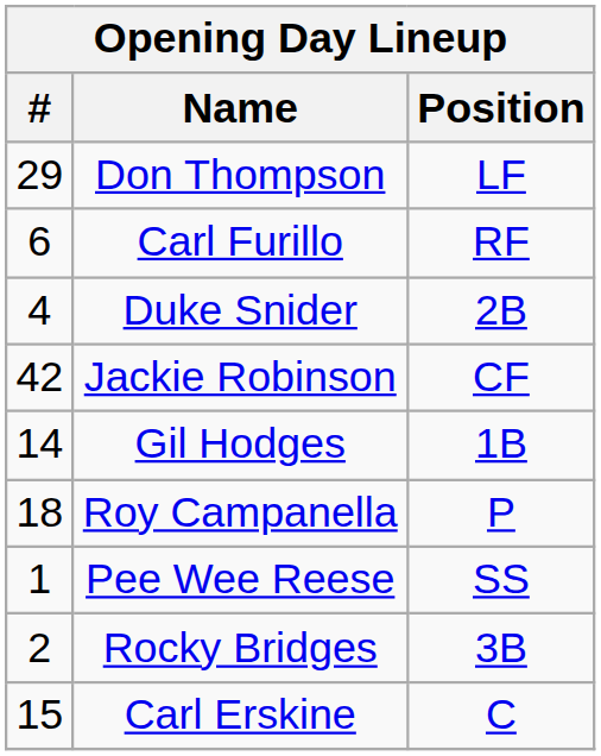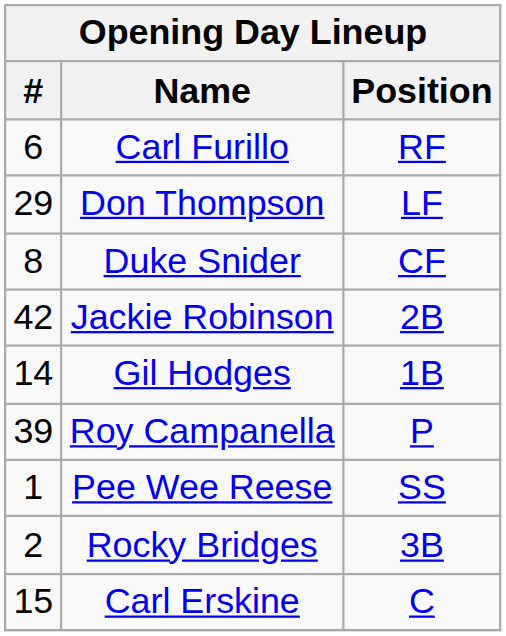 <table class="wikitable" style="text-align:center">
 <tr>
 <th colspan="3">Opening Day Lineup</th>
 </tr>
 <tr>
 <th>#</th>
 <th>Name</th>
 <th>Position</th>
 </tr>
 <tr>
+<td>6</td>
+<td><a href='#'>Carl Furillo</a></td>
+<td><a href='#'>RF</a></td>
+</tr>
+<tr>
 <td>29</td>
 <td><a href='#'>Don Thompson</a></td>
 <td><a href='#'>LF</a></td>
 </tr>
 <tr>
-<td>6</td>
-<td><a href='#'>Carl Furillo</a></td>
-<td><a href='#'>RF</a></td>
-</tr>
-<tr>
-<td>4</td>
+<td>8</td>
 <td><a href='#'>Duke Snider</a></td>
-<td><a href='#'>2B</a></td>
+<td><a href='#'>CF</a></td>
 </tr>
 <tr>
 <td>42</td>
 <td><a href='#'>Jackie Robinson</a></td>
-<td><a href='#'>CF</a></td>
+<td><a href='#'>2B</a></td>
 </tr>
 <tr>
 <td>14</td>
 <td><a href='#'>Gil Hodges</a></td>
 <td><a href='#'>1B</a></td>
 </tr>
 <tr>
-<td>18</td>
+<td>39</td>
 <td><a href='#'>Roy Campanella</a></td>
 <td><a href='#'>P</a></td>
 </tr>
 <tr>
 <td>1</td>
 <td><a href='#'>Pee Wee Reese</a></td>
 <td><a href='#'>SS</a></td>
 </tr>
 <tr>
 <td>2</td>
 <td><a href='#'>Rocky Bridges</a></td>
 <td><a href='#'>3B</a></td>
 </tr>
 <tr>
 <td>15</td>
 <td><a href='#'>Carl Erskine</a></td>
 <td><a href='#'>C</a></td>
 </tr>
 <tr>
 </tr>
 </table>
